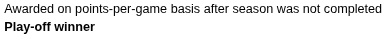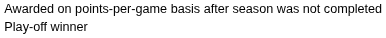 <table style="margin;">
 <tr>
 <td> Awarded on points-per-game basis after season was not completed</td>
 </tr>
 <tr>
-<td><strong> Play-off winner</strong></td>
+<td> Play-off winner</td>
 </tr>
 </table>
